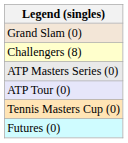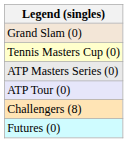 <table class="wikitable">
 <tr>
 <th>Legend (singles)</th>
 </tr>
 <tr bgcolor="#f3e6d7">
 <td>Grand Slam (0)</td>
 </tr>
 <tr bgcolor="ffffcc">
-<td>Challengers (8)</td>
+<td>Tennis Masters Cup (0)</td>
 </tr>
 <tr bgcolor="#e9e9e9">
 <td>ATP Masters Series (0)</td>
 </tr>
 <tr>
 <td style="background: lavender;">ATP Tour (0)</td>
 </tr>
 <tr bgcolor="moccasin">
-<td>Tennis Masters Cup (0)</td>
+<td>Challengers (8)</td>
 </tr>
 <tr bgcolor="CFFCFF">
 <td>Futures (0)</td>
 </tr>
 </table>
